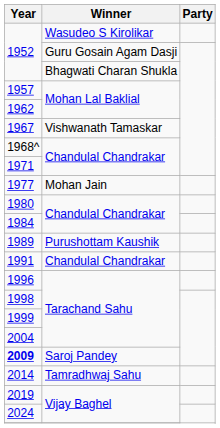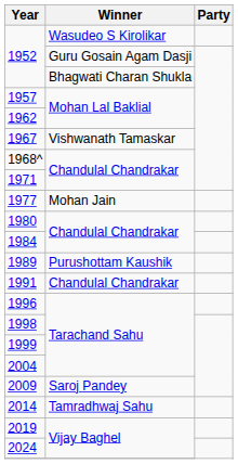 <table class="wikitable">
 <tr>
 <th>Year</th>
 <th>Winner</th>
 <th colspan=2>Party</th>
 </tr>
 <tr>
 <td rowspan="3"><a href='#'>1952</a></td>
 <td><a href='#'>Wasudeo S Kirolikar</a></td>
 <td></td>
 </tr>
 <tr>
 <td>Guru Gosain Agam Dasji</td>
 </tr>
 <tr>
 <td>Bhagwati Charan Shukla</td>
 </tr>
 <tr>
 <td><a href='#'>1957</a></td>
 <td rowspan="2"><a href='#'>Mohan Lal Baklial</a></td>
 </tr>
 <tr>
 <td><a href='#'>1962</a></td>
 </tr>
 <tr>
 <td><a href='#'>1967</a></td>
 <td>Vishwanath Tamaskar</td>
 </tr>
 <tr>
 <td>1968^</td>
 <td rowspan="2"><a href='#'>Chandulal Chandrakar</a></td>
 </tr>
 <tr>
 <td><a href='#'>1971</a></td>
 </tr>
 <tr>
 <td><a href='#'>1977</a></td>
 <td>Mohan Jain</td>
 <td></td>
 </tr>
 <tr>
 <td><a href='#'>1980</a></td>
 <td rowspan="2"><a href='#'>Chandulal Chandrakar</a></td>
 <td></td>
 </tr>
 <tr>
 <td><a href='#'>1984</a></td>
 </tr>
 <tr>
 <td><a href='#'>1989</a></td>
 <td><a href='#'>Purushottam Kaushik</a></td>
 <td></td>
 </tr>
 <tr>
 <td><a href='#'>1991</a></td>
 <td><a href='#'>Chandulal Chandrakar</a></td>
 <td></td>
 </tr>
 <tr>
 <td><a href='#'>1996</a></td>
 <td rowspan="4"><a href='#'>Tarachand Sahu</a></td>
 <td></td>
 </tr>
 <tr>
 <td><a href='#'>1998</a></td>
 </tr>
 <tr>
 <td><a href='#'>1999</a></td>
 </tr>
 <tr>
 <td><a href='#'>2004</a></td>
 </tr>
 <tr>
-<td><strong><a href='#'>2009</a></strong></td>
+<td><a href='#'>2009</a></td>
 <td><a href='#'>Saroj Pandey</a></td>
 </tr>
 <tr>
 <td><a href='#'>2014</a></td>
 <td><a href='#'>Tamradhwaj Sahu</a></td>
 <td></td>
 </tr>
 <tr>
 <td><a href='#'>2019</a></td>
 <td Rowspan=2><a href='#'>Vijay Baghel</a></td>
 <td></td>
 </tr>
 <tr>
 <td><a href='#'>2024</a></td>
 </tr>
 <tr>
 </tr>
 </table>
